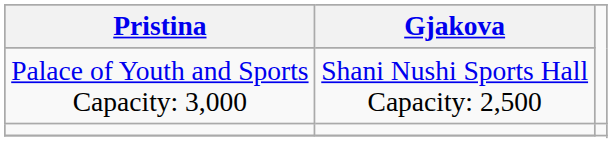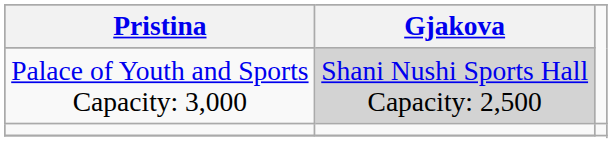 <table class="wikitable" style="text-align:center;">
 <tr>
 <th><a href='#'>Pristina</a></th>
 <th><a href='#'>Gjakova</a></th>
 <td rowspan=2><br></td>
 </tr>
 <tr>
 <td><a href='#'>Palace of Youth and Sports</a><br>Capacity: 3,000</td>
-<td><a href='#'>Shani Nushi Sports Hall</a><br>Capacity: 2,500</td>
+<td style="background: lightgrey;"><a href='#'>Shani Nushi Sports Hall</a><br>Capacity: 2,500</td>
 </tr>
 <tr>
 <td></td>
 <td></td>
 </tr>
 <tr>
 </tr>
 </table>
